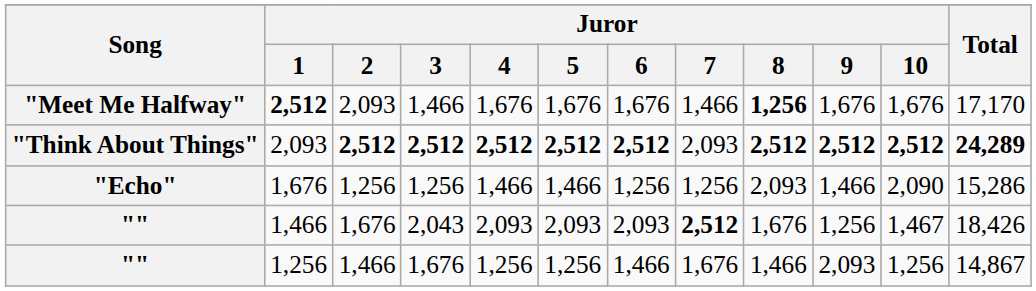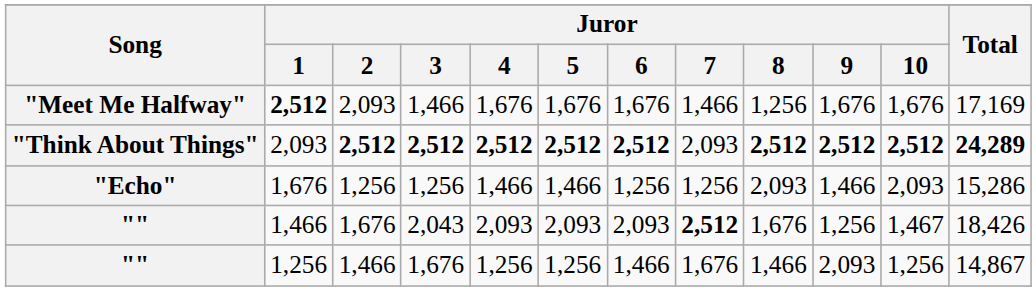 <table class="wikitable collapsible plainrowheaders" style="margin: 1em auto 1em auto; text-align:center;">
 <tr>
 </tr>
 <tr>
 <th rowspan="2">Song</th>
 <th colspan="10">Juror</th>
 <th rowspan="2">Total</th>
 </tr>
 <tr>
 <th>1</th>
 <th>2</th>
 <th>3</th>
 <th>4</th>
 <th>5</th>
 <th>6</th>
 <th>7</th>
 <th>8</th>
 <th>9</th>
 <th>10</th>
 </tr>
 <tr>
 <th scope="row">"Meet Me Halfway"</th>
 <td><strong>2,512</strong></td>
 <td>2,093</td>
 <td>1,466</td>
 <td>1,676</td>
 <td>1,676</td>
 <td>1,676</td>
 <td>1,466</td>
-<td><strong>1,256</strong></td>
+<td>1,256</td>
 <td>1,676</td>
 <td>1,676</td>
-<td>17,170</td>
+<td>17,169</td>
 </tr>
 <tr>
 <th scope="row">"Think About Things"</th>
 <td>2,093</td>
 <td><strong>2,512</strong></td>
 <td><strong>2,512</strong></td>
 <td><strong>2,512</strong></td>
 <td><strong>2,512</strong></td>
 <td><strong>2,512</strong></td>
 <td>2,093</td>
 <td><strong>2,512</strong></td>
 <td><strong>2,512</strong></td>
 <td><strong>2,512</strong></td>
 <td><strong>24,289</strong></td>
 </tr>
 <tr>
 <th scope="row">"Echo"</th>
 <td>1,676</td>
 <td>1,256</td>
 <td>1,256</td>
 <td>1,466</td>
 <td>1,466</td>
 <td>1,256</td>
 <td>1,256</td>
 <td>2,093</td>
 <td>1,466</td>
-<td>2,090</td>
+<td>2,093</td>
 <td>15,286</td>
 </tr>
 <tr>
 <th scope="row">""</th>
 <td>1,466</td>
 <td>1,676</td>
 <td>2,043</td>
 <td>2,093</td>
 <td>2,093</td>
 <td>2,093</td>
 <td><strong>2,512</strong></td>
 <td>1,676</td>
 <td>1,256</td>
 <td>1,467</td>
 <td>18,426</td>
 </tr>
 <tr>
 <th scope="row">""</th>
 <td>1,256</td>
 <td>1,466</td>
 <td>1,676</td>
 <td>1,256</td>
 <td>1,256</td>
 <td>1,466</td>
 <td>1,676</td>
 <td>1,466</td>
 <td>2,093</td>
 <td>1,256</td>
 <td>14,867</td>
 </tr>
 </table>
